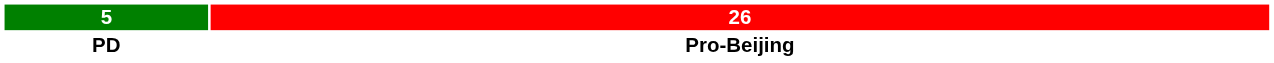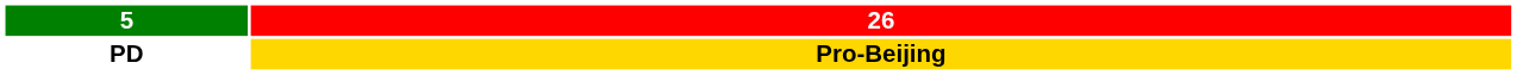 <table style="width:50%; text-align:center;">
 <tr style="color:white;">
 <td style="background:green; width:16.13%;"><strong>5</strong></td>
 <td style="background:red; width:83.87%;"><strong>26</strong></td>
 </tr>
 <tr>
 <td><span><strong>PD</strong></span></td>
-<td><span><strong>Pro-Beijing</strong></span></td>
+<td style="background: gold;"><span><strong>Pro-Beijing</strong></span></td>
 </tr>
 </table>
